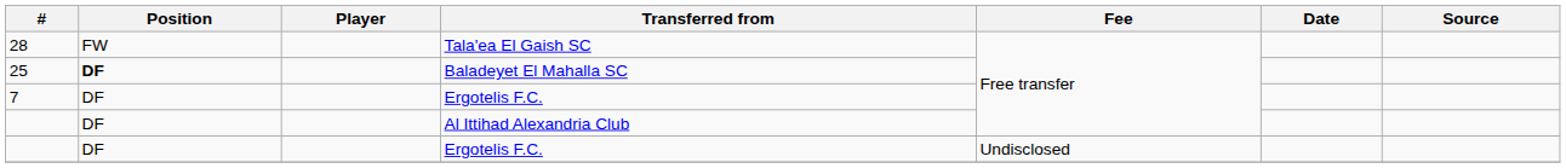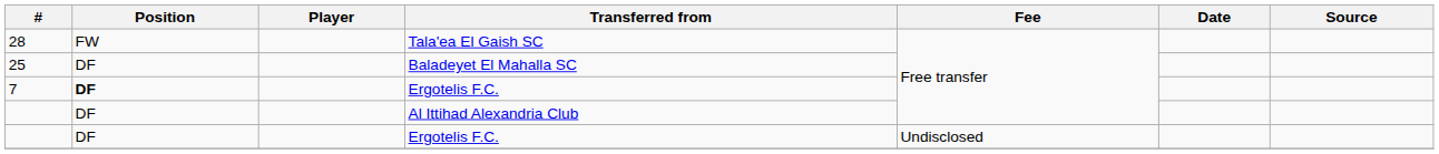 <table class="wikitable sortable" style="width:90%; text-align:center; font-size:95%; text-align:left">
 <tr>
 <th>#</th>
 <th>Position</th>
 <th>Player</th>
 <th>Transferred from</th>
 <th>Fee</th>
 <th>Date</th>
 <th>Source</th>
 </tr>
 <tr>
 <td>28</td>
 <td>FW</td>
 <td></td>
 <td> <a href='#'>Tala'ea El Gaish SC</a></td>
 <td rowspan=4>Free transfer</td>
 <td></td>
 <td></td>
 </tr>
 <tr>
 <td>25</td>
-<td><strong>DF</strong></td>
+<td>DF</td>
 <td></td>
 <td> <a href='#'>Baladeyet El Mahalla SC</a></td>
 <td></td>
 <td></td>
 </tr>
 <tr>
 <td>7</td>
-<td>DF</td>
+<td><strong>DF</strong></td>
 <td></td>
 <td> <a href='#'>Ergotelis F.C.</a></td>
 <td></td>
 <td></td>
 </tr>
 <tr>
 <td></td>
 <td>DF</td>
 <td></td>
 <td> <a href='#'>Al Ittihad Alexandria Club</a></td>
 <td></td>
 <td></td>
 </tr>
 <tr>
 <td></td>
 <td>DF</td>
 <td></td>
 <td> <a href='#'>Ergotelis F.C.</a></td>
 <td>Undisclosed</td>
 <td></td>
 <td></td>
 </tr>
 <tr>
 </tr>
 </table>
